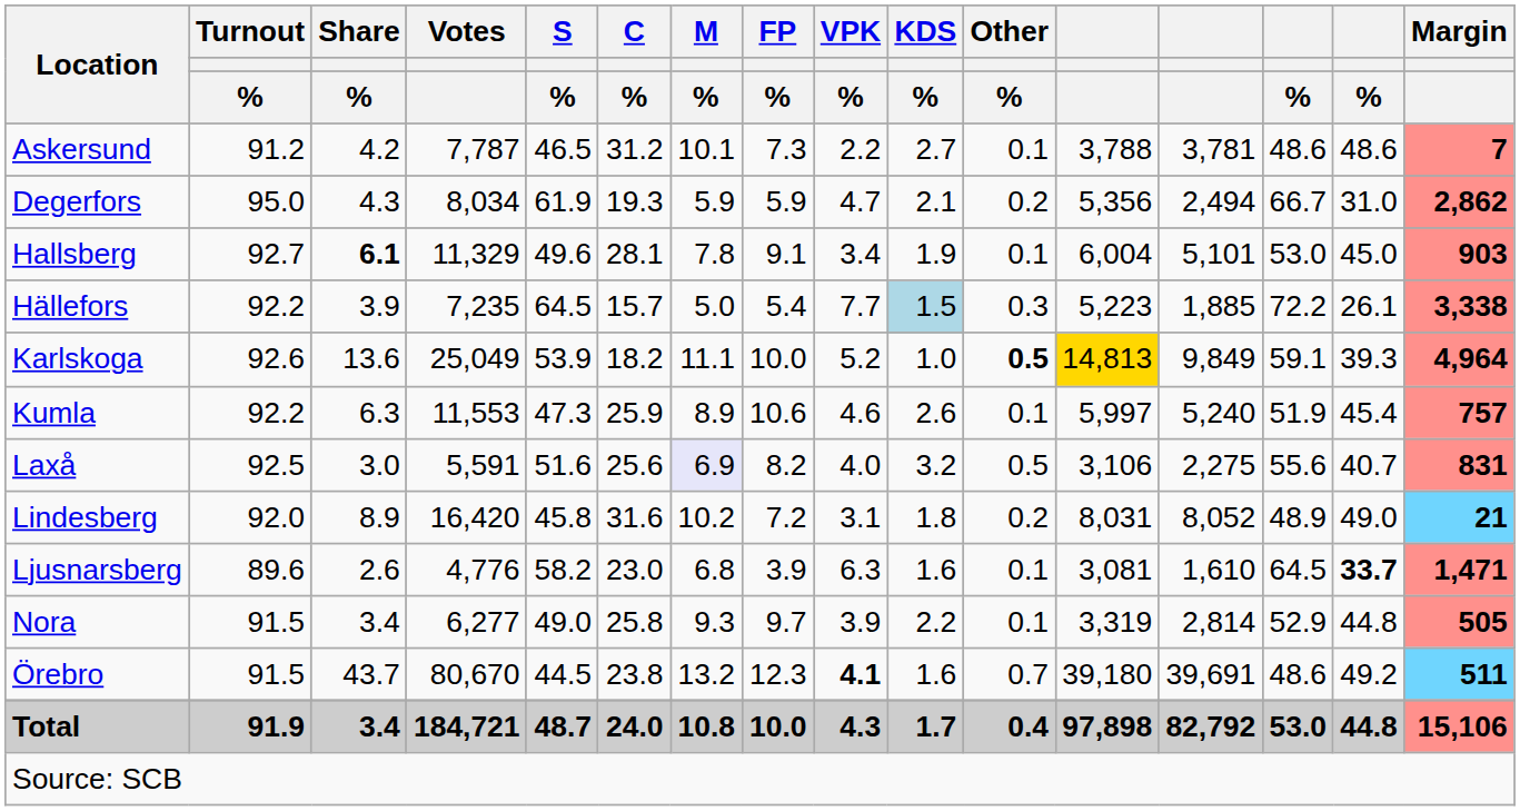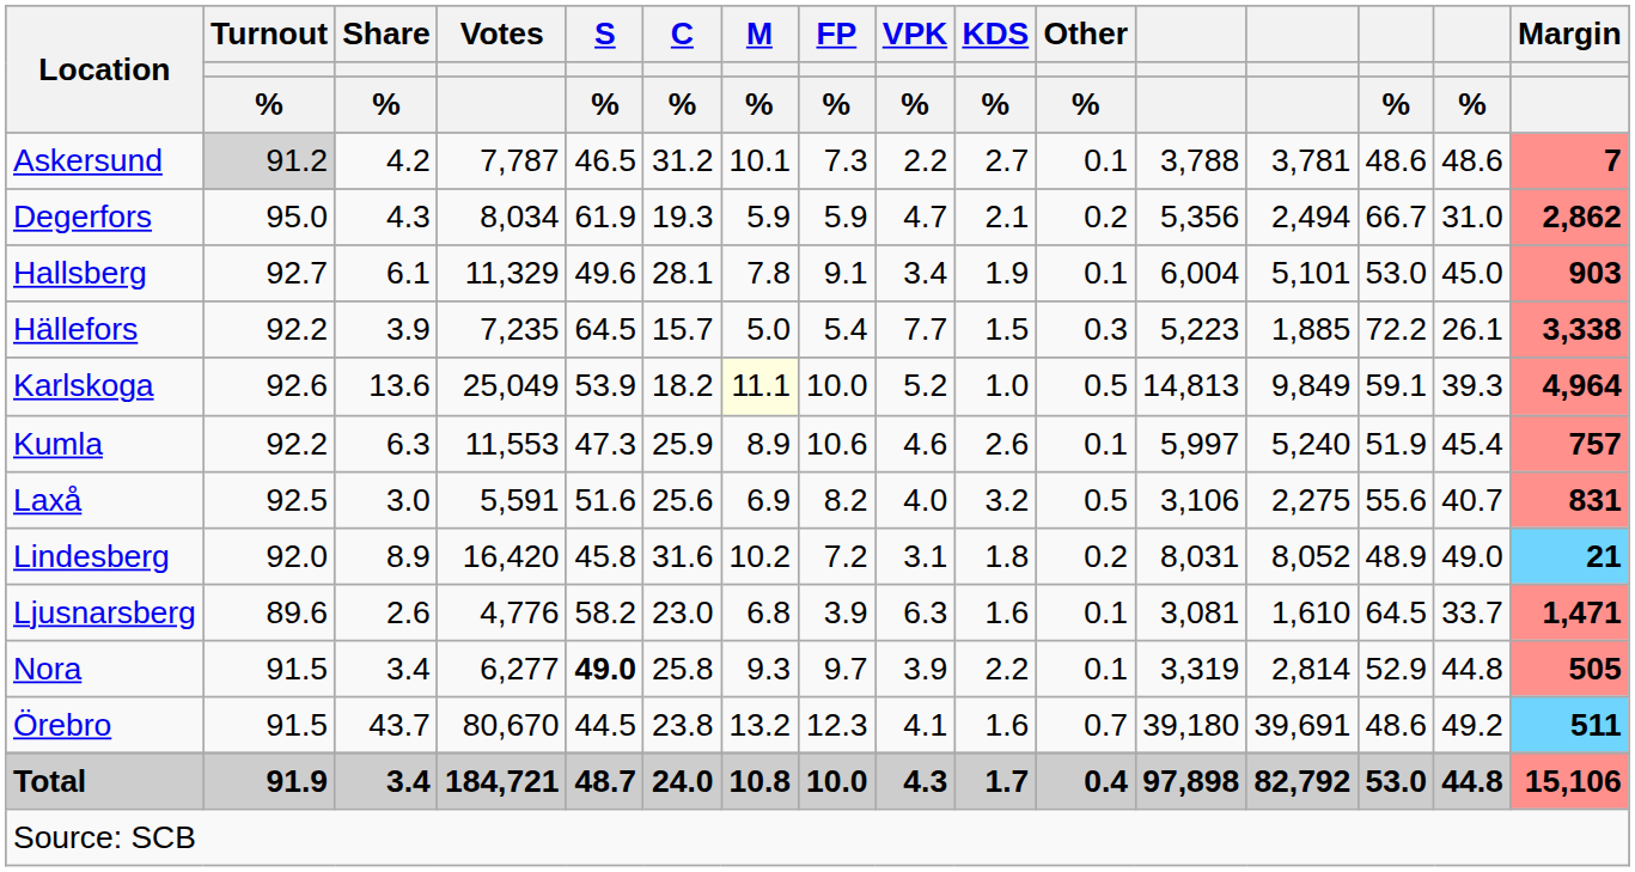 <table class="wikitable sortable" style="text-align:right; font-size:95%; line-height:20px;">
 <tr>
 <th rowspan="3">Location</th>
 <th>Turnout</th>
 <th>Share</th>
 <th>Votes</th>
 <th width="30px" class="unsortable"><a href='#'>S</a></th>
 <th width="30px" class="unsortable"><a href='#'>C</a></th>
 <th width="30px" class="unsortable"><a href='#'>M</a></th>
 <th width="30px" class="unsortable"><a href='#'>FP</a></th>
 <th width="30px" class="unsortable"><a href='#'>VPK</a></th>
 <th width="30px" class="unsortable"><a href='#'>KDS</a></th>
 <th width="30px" class="unsortable">Other</th>
 <th></th>
 <th></th>
 <th></th>
 <th></th>
 <th>Margin</th>
 </tr>
 <tr>
 <th></th>
 <th></th>
 <th></th>
 <th style="background:"></th>
 <th style="background:"></th>
 <th style="background:"></th>
 <th style="background:"></th>
 <th style="background:"></th>
 <th style="background:"></th>
 <th style="background:"></th>
 <th style="background:"></th>
 <th style="background:"></th>
 <th style="background:"></th>
 <th style="background:"></th>
 <th></th>
 </tr>
 <tr>
 <th data-sort-type="number">%</th>
 <th data-sort-type="number">%</th>
 <th></th>
 <th data-sort-type="number">%</th>
 <th data-sort-type="number">%</th>
 <th data-sort-type="number">%</th>
 <th data-sort-type="number">%</th>
 <th data-sort-type="number">%</th>
 <th data-sort-type="number">%</th>
 <th data-sort-type="number">%</th>
 <th data-sort-type="number"></th>
 <th data-sort-type="number"></th>
 <th data-sort-type="number">%</th>
 <th data-sort-type="number">%</th>
 <th data-sort-type="number"></th>
 </tr>
 <tr>
 <td align=left><a href='#'>Askersund</a></td>
-<td>91.2</td>
+<td style="background: lightgrey;">91.2</td>
 <td>4.2</td>
 <td>7,787</td>
 <td>46.5</td>
 <td>31.2</td>
 <td>10.1</td>
 <td>7.3</td>
 <td>2.2</td>
 <td>2.7</td>
 <td>0.1</td>
 <td>3,788</td>
 <td>3,781</td>
 <td>48.6</td>
 <td>48.6</td>
 <td bgcolor=#ff908c><strong>7</strong></td>
 </tr>
 <tr>
 <td align=left><a href='#'>Degerfors</a></td>
 <td>95.0</td>
 <td>4.3</td>
 <td>8,034</td>
 <td>61.9</td>
 <td>19.3</td>
 <td>5.9</td>
 <td>5.9</td>
 <td>4.7</td>
 <td>2.1</td>
 <td>0.2</td>
 <td>5,356</td>
 <td>2,494</td>
 <td>66.7</td>
 <td>31.0</td>
 <td bgcolor=#ff908c><strong>2,862</strong></td>
 </tr>
 <tr>
 <td align=left><a href='#'>Hallsberg</a></td>
 <td>92.7</td>
-<td><strong>6.1</strong></td>
+<td>6.1</td>
 <td>11,329</td>
 <td>49.6</td>
 <td>28.1</td>
 <td>7.8</td>
 <td>9.1</td>
 <td>3.4</td>
 <td>1.9</td>
 <td>0.1</td>
 <td>6,004</td>
 <td>5,101</td>
 <td>53.0</td>
 <td>45.0</td>
 <td bgcolor=#ff908c><strong>903</strong></td>
 </tr>
 <tr>
 <td align=left><a href='#'>Hällefors</a></td>
 <td>92.2</td>
 <td>3.9</td>
 <td>7,235</td>
 <td>64.5</td>
 <td>15.7</td>
 <td>5.0</td>
 <td>5.4</td>
 <td>7.7</td>
-<td style="background: lightblue;">1.5</td>
+<td>1.5</td>
 <td>0.3</td>
 <td>5,223</td>
 <td>1,885</td>
 <td>72.2</td>
 <td>26.1</td>
 <td bgcolor=#ff908c><strong>3,338</strong></td>
 </tr>
 <tr>
 <td align=left><a href='#'>Karlskoga</a></td>
 <td>92.6</td>
 <td>13.6</td>
 <td>25,049</td>
 <td>53.9</td>
 <td>18.2</td>
-<td>11.1</td>
+<td style="background: lightyellow;">11.1</td>
 <td>10.0</td>
 <td>5.2</td>
 <td>1.0</td>
-<td><strong>0.5</strong></td>
-<td style="background: gold;">14,813</td>
+<td>0.5</td>
+<td>14,813</td>
 <td>9,849</td>
 <td>59.1</td>
 <td>39.3</td>
 <td bgcolor=#ff908c><strong>4,964</strong></td>
 </tr>
 <tr>
 <td align=left><a href='#'>Kumla</a></td>
 <td>92.2</td>
 <td>6.3</td>
 <td>11,553</td>
 <td>47.3</td>
 <td>25.9</td>
 <td>8.9</td>
 <td>10.6</td>
 <td>4.6</td>
 <td>2.6</td>
 <td>0.1</td>
 <td>5,997</td>
 <td>5,240</td>
 <td>51.9</td>
 <td>45.4</td>
 <td bgcolor=#ff908c><strong>757</strong></td>
 </tr>
 <tr>
 <td align=left><a href='#'>Laxå</a></td>
 <td>92.5</td>
 <td>3.0</td>
 <td>5,591</td>
 <td>51.6</td>
 <td>25.6</td>
-<td style="background: lavender;">6.9</td>
+<td>6.9</td>
 <td>8.2</td>
 <td>4.0</td>
 <td>3.2</td>
 <td>0.5</td>
 <td>3,106</td>
 <td>2,275</td>
 <td>55.6</td>
 <td>40.7</td>
 <td bgcolor=#ff908c><strong>831</strong></td>
 </tr>
 <tr>
 <td align=left><a href='#'>Lindesberg</a></td>
 <td>92.0</td>
 <td>8.9</td>
 <td>16,420</td>
 <td>45.8</td>
 <td>31.6</td>
 <td>10.2</td>
 <td>7.2</td>
 <td>3.1</td>
 <td>1.8</td>
 <td>0.2</td>
 <td>8,031</td>
 <td>8,052</td>
 <td>48.9</td>
 <td>49.0</td>
 <td bgcolor=#6fd5fe><strong>21</strong></td>
 </tr>
 <tr>
 <td align=left><a href='#'>Ljusnarsberg</a></td>
 <td>89.6</td>
 <td>2.6</td>
 <td>4,776</td>
 <td>58.2</td>
 <td>23.0</td>
 <td>6.8</td>
 <td>3.9</td>
 <td>6.3</td>
 <td>1.6</td>
 <td>0.1</td>
 <td>3,081</td>
 <td>1,610</td>
 <td>64.5</td>
-<td><strong>33.7</strong></td>
+<td>33.7</td>
 <td bgcolor=#ff908c><strong>1,471</strong></td>
 </tr>
 <tr>
 <td align=left><a href='#'>Nora</a></td>
 <td>91.5</td>
 <td>3.4</td>
 <td>6,277</td>
-<td>49.0</td>
+<td><strong>49.0</strong></td>
 <td>25.8</td>
 <td>9.3</td>
 <td>9.7</td>
 <td>3.9</td>
 <td>2.2</td>
 <td>0.1</td>
 <td>3,319</td>
 <td>2,814</td>
 <td>52.9</td>
 <td>44.8</td>
 <td bgcolor=#ff908c><strong>505</strong></td>
 </tr>
 <tr>
 <td align=left><a href='#'>Örebro</a></td>
 <td>91.5</td>
 <td>43.7</td>
 <td>80,670</td>
 <td>44.5</td>
 <td>23.8</td>
 <td>13.2</td>
 <td>12.3</td>
-<td><strong>4.1</strong></td>
+<td>4.1</td>
 <td>1.6</td>
 <td>0.7</td>
 <td>39,180</td>
 <td>39,691</td>
 <td>48.6</td>
 <td>49.2</td>
 <td bgcolor=#6fd5fe><strong>511</strong></td>
 </tr>
 <tr>
 </tr>
 <tr style="background:#CDCDCD;">
 <td align=left><strong>Total</strong></td>
 <td><strong>91.9</strong></td>
 <td><strong>3.4</strong></td>
 <td><strong>184,721</strong></td>
 <td><strong>48.7</strong></td>
 <td><strong>24.0</strong></td>
 <td><strong>10.8</strong></td>
 <td><strong>10.0</strong></td>
 <td><strong>4.3</strong></td>
 <td><strong>1.7</strong></td>
 <td><strong>0.4</strong></td>
 <td><strong>97,898</strong></td>
 <td><strong>82,792</strong></td>
 <td><strong>53.0</strong></td>
 <td><strong>44.8</strong></td>
 <td bgcolor=#ff908c><strong>15,106</strong></td>
 </tr>
 <tr>
 <td align=left colspan=16>Source: SCB </td>
 </tr>
 </table>
